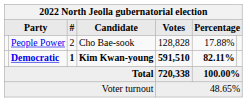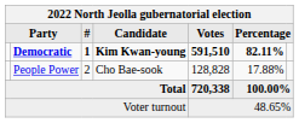 <table class="wikitable">
 <tr>
 <th colspan="7">2022 North Jeolla gubernatorial election</th>
 </tr>
 <tr>
 <th style="background-color:#E9E9E9" colspan=2>Party</th>
 <th style="background-color:#E9E9E9">#</th>
 <th style="background-color:#E9E9E9">Candidate</th>
 <th style="background-color:#E9E9E9">Votes</th>
 <th style="background-color:#E9E9E9" colspan=2>Percentage</th>
 </tr>
+<tr style="font-weight:bold">
+<td></td>
+<td align=left><a href='#'>Democratic</a></td>
+<td align=center>1</td>
+<td align=left>Kim Kwan-young</td>
+<td align=right>591,510</td>
+<td align=right>82.11%</td>
+<td align=right></td>
+</tr>
 <tr>
 <td></td>
 <td align=left><a href='#'>People Power</a></td>
 <td align=center>2</td>
 <td align=left>Cho Bae-sook</td>
 <td align=right>128,828</td>
 <td align=right>17.88%</td>
-<td align=right></td>
-</tr>
-<tr style="font-weight:bold">
-<td></td>
-<td align=left><a href='#'>Democratic</a></td>
-<td align=center>1</td>
-<td align=left>Kim Kwan-young</td>
-<td align=right>591,510</td>
-<td align=right>82.11%</td>
 <td align=right></td>
 </tr>
 <tr bgcolor="#EEEEEE" style="font-weight:bold">
 <td colspan="4" align=right>Total</td>
 <td align=right>720,338</td>
 <td align=right colspan=2>100.00%</td>
 </tr>
 <tr bgcolor="#EEEEEE">
 <td colspan="4" align="right">Voter turnout</td>
 <td colspan="3" align="right">48.65%</td>
 </tr>
 </table>
